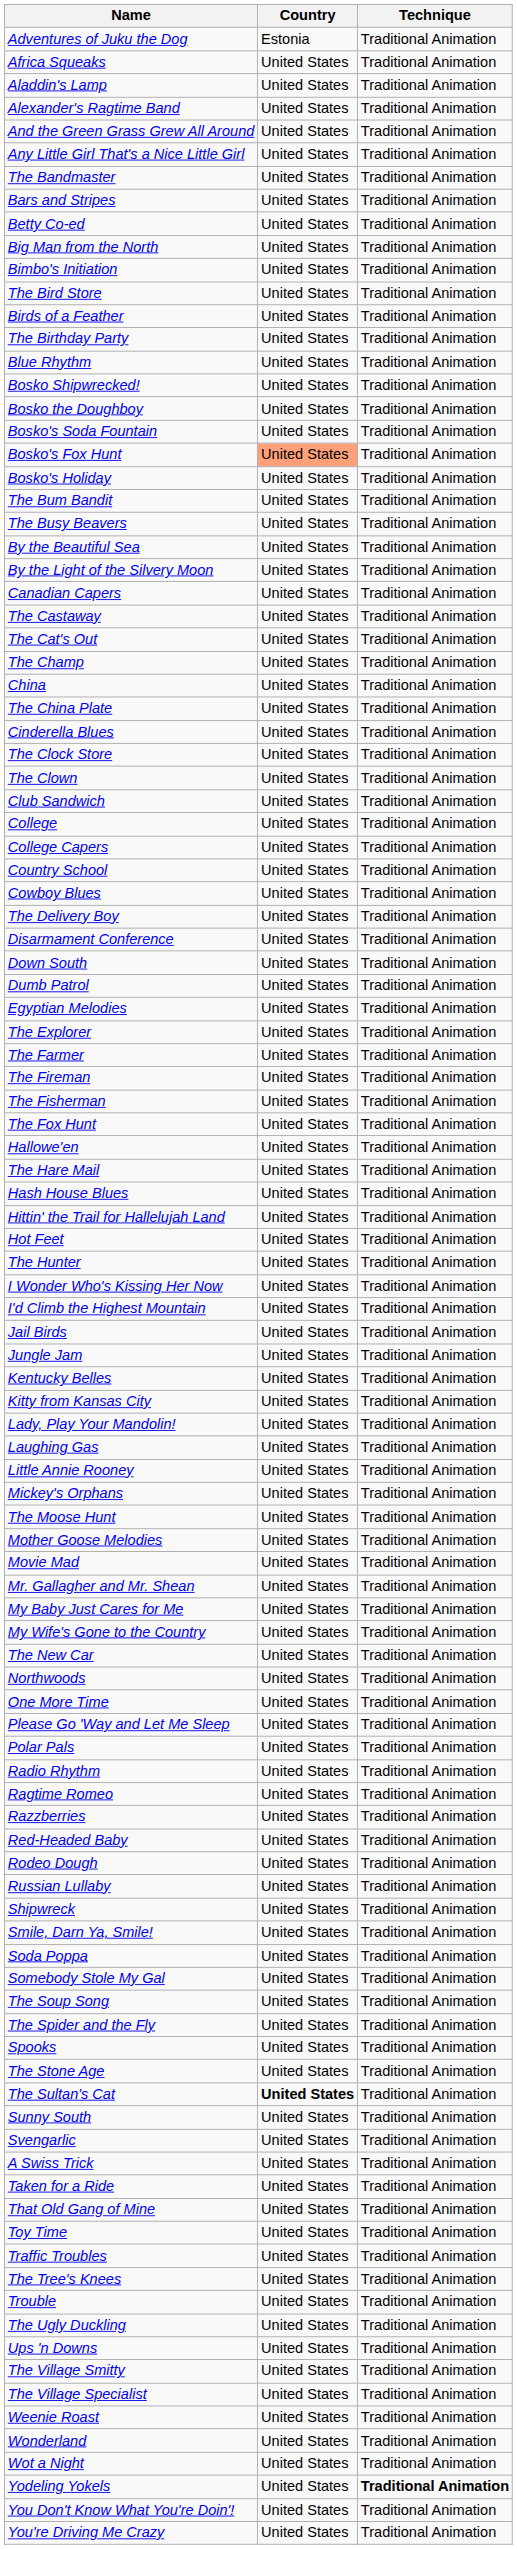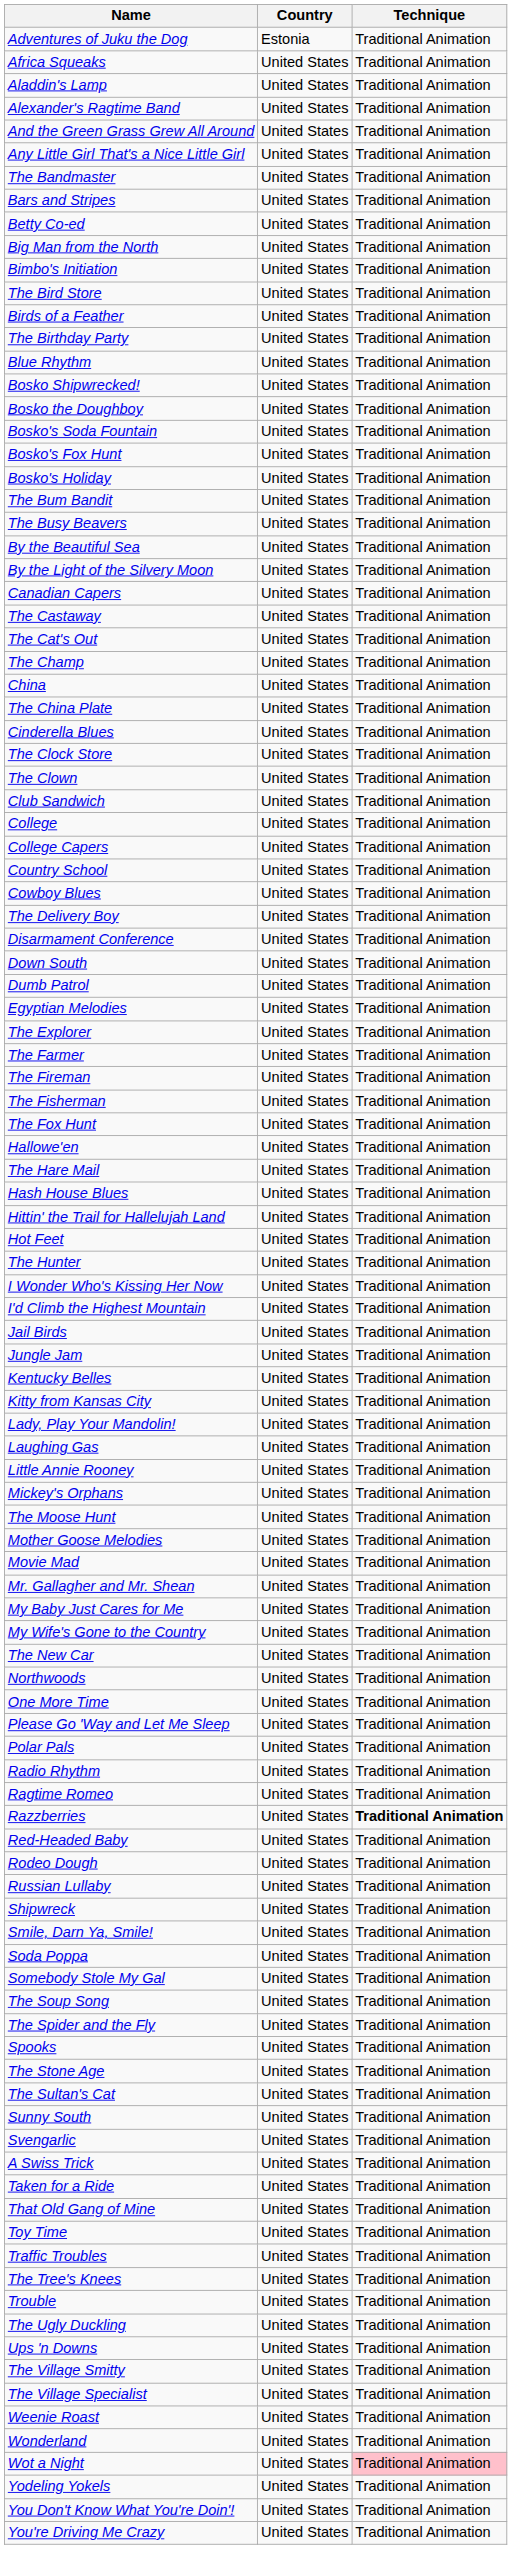 <table class="wikitable sortable">
 <tr>
 <th>Name</th>
 <th>Country</th>
 <th>Technique</th>
 </tr>
 <tr>
 <td><em><a href='#'>Adventures of Juku the Dog</a></em></td>
 <td>Estonia</td>
 <td>Traditional Animation</td>
 </tr>
 <tr>
 <td><em><a href='#'>Africa Squeaks</a></em></td>
 <td>United States</td>
 <td>Traditional Animation</td>
 </tr>
 <tr>
 <td><em><a href='#'>Aladdin's Lamp</a></em></td>
 <td>United States</td>
 <td>Traditional Animation</td>
 </tr>
 <tr>
 <td><em><a href='#'>Alexander's Ragtime Band</a></em></td>
 <td>United States</td>
 <td>Traditional Animation</td>
 </tr>
 <tr>
 <td><em><a href='#'>And the Green Grass Grew All Around</a></em></td>
 <td>United States</td>
 <td>Traditional Animation</td>
 </tr>
 <tr>
 <td><em><a href='#'>Any Little Girl That's a Nice Little Girl</a></em></td>
 <td>United States</td>
 <td>Traditional Animation</td>
 </tr>
 <tr>
 <td><em><a href='#'>The Bandmaster</a></em></td>
 <td>United States</td>
 <td>Traditional Animation</td>
 </tr>
 <tr>
 <td><em><a href='#'>Bars and Stripes</a></em></td>
 <td>United States</td>
 <td>Traditional Animation</td>
 </tr>
 <tr>
 <td><em><a href='#'>Betty Co-ed</a></em></td>
 <td>United States</td>
 <td>Traditional Animation</td>
 </tr>
 <tr>
 <td><em><a href='#'>Big Man from the North</a></em></td>
 <td>United States</td>
 <td>Traditional Animation</td>
 </tr>
 <tr>
 <td><em><a href='#'>Bimbo's Initiation</a></em></td>
 <td>United States</td>
 <td>Traditional Animation</td>
 </tr>
 <tr>
 <td><em><a href='#'>The Bird Store</a></em></td>
 <td>United States</td>
 <td>Traditional Animation</td>
 </tr>
 <tr>
 <td><em><a href='#'>Birds of a Feather</a></em></td>
 <td>United States</td>
 <td>Traditional Animation</td>
 </tr>
 <tr>
 <td><em><a href='#'>The Birthday Party</a></em></td>
 <td>United States</td>
 <td>Traditional Animation</td>
 </tr>
 <tr>
 <td><em><a href='#'>Blue Rhythm</a></em></td>
 <td>United States</td>
 <td>Traditional Animation</td>
 </tr>
 <tr>
 <td><em><a href='#'>Bosko Shipwrecked!</a></em></td>
 <td>United States</td>
 <td>Traditional Animation</td>
 </tr>
 <tr>
 <td><em><a href='#'>Bosko the Doughboy</a></em></td>
 <td>United States</td>
 <td>Traditional Animation</td>
 </tr>
 <tr>
 <td><em><a href='#'>Bosko's Soda Fountain</a></em></td>
 <td>United States</td>
 <td>Traditional Animation</td>
 </tr>
 <tr>
 <td><em><a href='#'>Bosko's Fox Hunt</a></em></td>
-<td style="background: lightsalmon;">United States</td>
+<td>United States</td>
 <td>Traditional Animation</td>
 </tr>
 <tr>
 <td><em><a href='#'>Bosko's Holiday</a></em></td>
 <td>United States</td>
 <td>Traditional Animation</td>
 </tr>
 <tr>
 <td><em><a href='#'>The Bum Bandit</a></em></td>
 <td>United States</td>
 <td>Traditional Animation</td>
 </tr>
 <tr>
 <td><em><a href='#'>The Busy Beavers</a></em></td>
 <td>United States</td>
 <td>Traditional Animation</td>
 </tr>
 <tr>
 <td><em><a href='#'>By the Beautiful Sea</a></em></td>
 <td>United States</td>
 <td>Traditional Animation</td>
 </tr>
 <tr>
 <td><em><a href='#'>By the Light of the Silvery Moon</a></em></td>
 <td>United States</td>
 <td>Traditional Animation</td>
 </tr>
 <tr>
 <td><em><a href='#'>Canadian Capers</a></em></td>
 <td>United States</td>
 <td>Traditional Animation</td>
 </tr>
 <tr>
 <td><em><a href='#'>The Castaway</a></em></td>
 <td>United States</td>
 <td>Traditional Animation</td>
 </tr>
 <tr>
 <td><em><a href='#'>The Cat's Out</a></em></td>
 <td>United States</td>
 <td>Traditional Animation</td>
 </tr>
 <tr>
 <td><em><a href='#'>The Champ</a></em></td>
 <td>United States</td>
 <td>Traditional Animation</td>
 </tr>
 <tr>
 <td><em><a href='#'>China</a></em></td>
 <td>United States</td>
 <td>Traditional Animation</td>
 </tr>
 <tr>
 <td><em><a href='#'>The China Plate</a></em></td>
 <td>United States</td>
 <td>Traditional Animation</td>
 </tr>
 <tr>
 <td><em><a href='#'>Cinderella Blues</a></em></td>
 <td>United States</td>
 <td>Traditional Animation</td>
 </tr>
 <tr>
 <td><em><a href='#'>The Clock Store</a></em></td>
 <td>United States</td>
 <td>Traditional Animation</td>
 </tr>
 <tr>
 <td><em><a href='#'>The Clown</a></em></td>
 <td>United States</td>
 <td>Traditional Animation</td>
 </tr>
 <tr>
 <td><em><a href='#'>Club Sandwich</a></em></td>
 <td>United States</td>
 <td>Traditional Animation</td>
 </tr>
 <tr>
 <td><em><a href='#'>College</a></em></td>
 <td>United States</td>
 <td>Traditional Animation</td>
 </tr>
 <tr>
 <td><em><a href='#'>College Capers</a></em></td>
 <td>United States</td>
 <td>Traditional Animation</td>
 </tr>
 <tr>
 <td><em><a href='#'>Country School</a></em></td>
 <td>United States</td>
 <td>Traditional Animation</td>
 </tr>
 <tr>
 <td><em><a href='#'>Cowboy Blues</a></em></td>
 <td>United States</td>
 <td>Traditional Animation</td>
 </tr>
 <tr>
 <td><em><a href='#'>The Delivery Boy</a></em></td>
 <td>United States</td>
 <td>Traditional Animation</td>
 </tr>
 <tr>
 <td><em><a href='#'>Disarmament Conference</a></em></td>
 <td>United States</td>
 <td>Traditional Animation</td>
 </tr>
 <tr>
 <td><em><a href='#'>Down South</a></em></td>
 <td>United States</td>
 <td>Traditional Animation</td>
 </tr>
 <tr>
 <td><em><a href='#'>Dumb Patrol</a></em></td>
 <td>United States</td>
 <td>Traditional Animation</td>
 </tr>
 <tr>
 <td><em><a href='#'>Egyptian Melodies</a></em></td>
 <td>United States</td>
 <td>Traditional Animation</td>
 </tr>
 <tr>
 <td><em><a href='#'>The Explorer</a></em></td>
 <td>United States</td>
 <td>Traditional Animation</td>
 </tr>
 <tr>
 <td><em><a href='#'>The Farmer</a></em></td>
 <td>United States</td>
 <td>Traditional Animation</td>
 </tr>
 <tr>
 <td><em><a href='#'>The Fireman</a></em></td>
 <td>United States</td>
 <td>Traditional Animation</td>
 </tr>
 <tr>
 <td><em><a href='#'>The Fisherman</a></em></td>
 <td>United States</td>
 <td>Traditional Animation</td>
 </tr>
 <tr>
 <td><em><a href='#'>The Fox Hunt</a></em></td>
 <td>United States</td>
 <td>Traditional Animation</td>
 </tr>
 <tr>
 <td><em><a href='#'>Hallowe'en</a></em></td>
 <td>United States</td>
 <td>Traditional Animation</td>
 </tr>
 <tr>
 <td><em><a href='#'>The Hare Mail</a></em></td>
 <td>United States</td>
 <td>Traditional Animation</td>
 </tr>
 <tr>
 <td><em><a href='#'>Hash House Blues</a></em></td>
 <td>United States</td>
 <td>Traditional Animation</td>
 </tr>
 <tr>
 <td><em><a href='#'>Hittin' the Trail for Hallelujah Land</a></em></td>
 <td>United States</td>
 <td>Traditional Animation</td>
 </tr>
 <tr>
 <td><em><a href='#'>Hot Feet</a></em></td>
 <td>United States</td>
 <td>Traditional Animation</td>
 </tr>
 <tr>
 <td><em><a href='#'>The Hunter</a></em></td>
 <td>United States</td>
 <td>Traditional Animation</td>
 </tr>
 <tr>
 <td><em><a href='#'>I Wonder Who's Kissing Her Now</a></em></td>
 <td>United States</td>
 <td>Traditional Animation</td>
 </tr>
 <tr>
 <td><em><a href='#'>I'd Climb the Highest Mountain</a></em></td>
 <td>United States</td>
 <td>Traditional Animation</td>
 </tr>
 <tr>
 <td><em><a href='#'>Jail Birds</a></em></td>
 <td>United States</td>
 <td>Traditional Animation</td>
 </tr>
 <tr>
 <td><em><a href='#'>Jungle Jam</a></em></td>
 <td>United States</td>
 <td>Traditional Animation</td>
 </tr>
 <tr>
 <td><em><a href='#'>Kentucky Belles</a></em></td>
 <td>United States</td>
 <td>Traditional Animation</td>
 </tr>
 <tr>
 <td><em><a href='#'>Kitty from Kansas City</a></em></td>
 <td>United States</td>
 <td>Traditional Animation</td>
 </tr>
 <tr>
 <td><em><a href='#'>Lady, Play Your Mandolin!</a></em></td>
 <td>United States</td>
 <td>Traditional Animation</td>
 </tr>
 <tr>
 <td><em><a href='#'>Laughing Gas</a></em></td>
 <td>United States</td>
 <td>Traditional Animation</td>
 </tr>
 <tr>
 <td><em><a href='#'>Little Annie Rooney</a></em></td>
 <td>United States</td>
 <td>Traditional Animation</td>
 </tr>
 <tr>
 <td><em><a href='#'>Mickey's Orphans</a></em></td>
 <td>United States</td>
 <td>Traditional Animation</td>
 </tr>
 <tr>
 <td><em><a href='#'>The Moose Hunt</a></em></td>
 <td>United States</td>
 <td>Traditional Animation</td>
 </tr>
 <tr>
 <td><em><a href='#'>Mother Goose Melodies</a></em></td>
 <td>United States</td>
 <td>Traditional Animation</td>
 </tr>
 <tr>
 <td><em><a href='#'>Movie Mad</a></em></td>
 <td>United States</td>
 <td>Traditional Animation</td>
 </tr>
 <tr>
 <td><em><a href='#'>Mr. Gallagher and Mr. Shean</a></em></td>
 <td>United States</td>
 <td>Traditional Animation</td>
 </tr>
 <tr>
 <td><em><a href='#'>My Baby Just Cares for Me</a></em></td>
 <td>United States</td>
 <td>Traditional Animation</td>
 </tr>
 <tr>
 <td><em><a href='#'>My Wife's Gone to the Country</a></em></td>
 <td>United States</td>
 <td>Traditional Animation</td>
 </tr>
 <tr>
 <td><em><a href='#'>The New Car</a></em></td>
 <td>United States</td>
 <td>Traditional Animation</td>
 </tr>
 <tr>
 <td><em><a href='#'>Northwoods</a></em></td>
 <td>United States</td>
 <td>Traditional Animation</td>
 </tr>
 <tr>
 <td><em><a href='#'>One More Time</a></em></td>
 <td>United States</td>
 <td>Traditional Animation</td>
 </tr>
 <tr>
 <td><em><a href='#'>Please Go 'Way and Let Me Sleep</a></em></td>
 <td>United States</td>
 <td>Traditional Animation</td>
 </tr>
 <tr>
 <td><em><a href='#'>Polar Pals</a></em></td>
 <td>United States</td>
 <td>Traditional Animation</td>
 </tr>
 <tr>
 <td><em><a href='#'>Radio Rhythm</a></em></td>
 <td>United States</td>
 <td>Traditional Animation</td>
 </tr>
 <tr>
 <td><em><a href='#'>Ragtime Romeo</a></em></td>
 <td>United States</td>
 <td>Traditional Animation</td>
 </tr>
 <tr>
 <td><em><a href='#'>Razzberries</a></em></td>
 <td>United States</td>
-<td>Traditional Animation</td>
+<td><strong>Traditional Animation</strong></td>
 </tr>
 <tr>
 <td><em><a href='#'>Red-Headed Baby</a></em></td>
 <td>United States</td>
 <td>Traditional Animation</td>
 </tr>
 <tr>
 <td><em><a href='#'>Rodeo Dough</a></em></td>
 <td>United States</td>
 <td>Traditional Animation</td>
 </tr>
 <tr>
 <td><em><a href='#'>Russian Lullaby</a></em></td>
 <td>United States</td>
 <td>Traditional Animation</td>
 </tr>
 <tr>
 <td><em><a href='#'>Shipwreck</a></em></td>
 <td>United States</td>
 <td>Traditional Animation</td>
 </tr>
 <tr>
 <td><em><a href='#'>Smile, Darn Ya, Smile!</a></em></td>
 <td>United States</td>
 <td>Traditional Animation</td>
 </tr>
 <tr>
 <td><em><a href='#'>Soda Poppa</a></em></td>
 <td>United States</td>
 <td>Traditional Animation</td>
 </tr>
 <tr>
 <td><em><a href='#'>Somebody Stole My Gal</a></em></td>
 <td>United States</td>
 <td>Traditional Animation</td>
 </tr>
 <tr>
 <td><em><a href='#'>The Soup Song</a></em></td>
 <td>United States</td>
 <td>Traditional Animation</td>
 </tr>
 <tr>
 <td><em><a href='#'>The Spider and the Fly</a></em></td>
 <td>United States</td>
 <td>Traditional Animation</td>
 </tr>
 <tr>
 <td><em><a href='#'>Spooks</a></em></td>
 <td>United States</td>
 <td>Traditional Animation</td>
 </tr>
 <tr>
 <td><em><a href='#'>The Stone Age</a></em></td>
 <td>United States</td>
 <td>Traditional Animation</td>
 </tr>
 <tr>
 <td><em><a href='#'>The Sultan's Cat</a></em></td>
-<td><strong>United States</strong></td>
+<td>United States</td>
 <td>Traditional Animation</td>
 </tr>
 <tr>
 <td><em><a href='#'>Sunny South</a></em></td>
 <td>United States</td>
 <td>Traditional Animation</td>
 </tr>
 <tr>
 <td><em><a href='#'>Svengarlic</a></em></td>
 <td>United States</td>
 <td>Traditional Animation</td>
 </tr>
 <tr>
 <td><em><a href='#'>A Swiss Trick</a></em></td>
 <td>United States</td>
 <td>Traditional Animation</td>
 </tr>
 <tr>
 <td><em><a href='#'>Taken for a Ride</a></em></td>
 <td>United States</td>
 <td>Traditional Animation</td>
 </tr>
 <tr>
 <td><em><a href='#'>That Old Gang of Mine</a></em></td>
 <td>United States</td>
 <td>Traditional Animation</td>
 </tr>
 <tr>
 <td><em><a href='#'>Toy Time</a></em></td>
 <td>United States</td>
 <td>Traditional Animation</td>
 </tr>
 <tr>
 <td><em><a href='#'>Traffic Troubles</a></em></td>
 <td>United States</td>
 <td>Traditional Animation</td>
 </tr>
 <tr>
 <td><em><a href='#'>The Tree's Knees</a></em></td>
 <td>United States</td>
 <td>Traditional Animation</td>
 </tr>
 <tr>
 <td><em><a href='#'>Trouble</a></em></td>
 <td>United States</td>
 <td>Traditional Animation</td>
 </tr>
 <tr>
 <td><em><a href='#'>The Ugly Duckling</a></em></td>
 <td>United States</td>
 <td>Traditional Animation</td>
 </tr>
 <tr>
 <td><em><a href='#'>Ups 'n Downs</a></em></td>
 <td>United States</td>
 <td>Traditional Animation</td>
 </tr>
 <tr>
 <td><em><a href='#'>The Village Smitty</a></em></td>
 <td>United States</td>
 <td>Traditional Animation</td>
 </tr>
 <tr>
 <td><em><a href='#'>The Village Specialist</a></em></td>
 <td>United States</td>
 <td>Traditional Animation</td>
 </tr>
 <tr>
 <td><em><a href='#'>Weenie Roast</a></em></td>
 <td>United States</td>
 <td>Traditional Animation</td>
 </tr>
 <tr>
 <td><em><a href='#'>Wonderland</a></em></td>
 <td>United States</td>
 <td>Traditional Animation</td>
 </tr>
 <tr>
 <td><em><a href='#'>Wot a Night</a></em></td>
 <td>United States</td>
-<td>Traditional Animation</td>
+<td style="background: pink;">Traditional Animation</td>
 </tr>
 <tr>
 <td><em><a href='#'>Yodeling Yokels</a></em></td>
 <td>United States</td>
-<td><strong>Traditional Animation</strong></td>
+<td>Traditional Animation</td>
 </tr>
 <tr>
 <td><em><a href='#'>You Don't Know What You're Doin'!</a></em></td>
 <td>United States</td>
 <td>Traditional Animation</td>
 </tr>
 <tr>
 <td><em><a href='#'>You're Driving Me Crazy</a></em></td>
 <td>United States</td>
 <td>Traditional Animation</td>
 </tr>
 </table>
